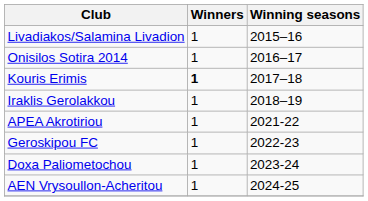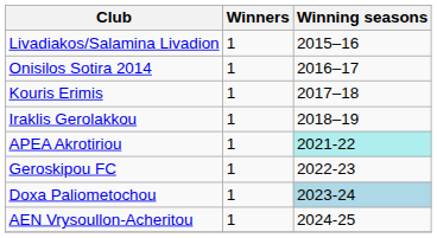 <table class="wikitable">
 <tr>
 <th>Club</th>
 <th>Winners</th>
 <th>Winning seasons</th>
 </tr>
 <tr>
 <td><a href='#'>Livadiakos/Salamina Livadion</a></td>
 <td>1</td>
 <td>2015–16</td>
 </tr>
 <tr>
 <td><a href='#'>Onisilos Sotira 2014</a></td>
 <td>1</td>
 <td>2016–17</td>
 </tr>
 <tr>
 <td><a href='#'>Kouris Erimis</a></td>
-<td><strong>1</strong></td>
+<td>1</td>
 <td>2017–18</td>
 </tr>
 <tr>
 <td><a href='#'>Iraklis Gerolakkou</a></td>
 <td>1</td>
 <td>2018–19</td>
 </tr>
 <tr>
 <td><a href='#'>APEA Akrotiriou</a></td>
 <td>1</td>
-<td>2021-22</td>
+<td style="background: paleturquoise;">2021-22</td>
 </tr>
 <tr>
 <td><a href='#'>Geroskipou FC</a></td>
 <td>1</td>
 <td>2022-23</td>
 </tr>
 <tr>
 <td><a href='#'>Doxa Paliometochou</a></td>
 <td>1</td>
-<td>2023-24</td>
+<td style="background: lightblue;">2023-24</td>
 </tr>
 <tr>
 <td><a href='#'>AEN Vrysoullon-Acheritou</a></td>
 <td>1</td>
 <td>2024-25</td>
 </tr>
 <tr>
 </tr>
 </table>
